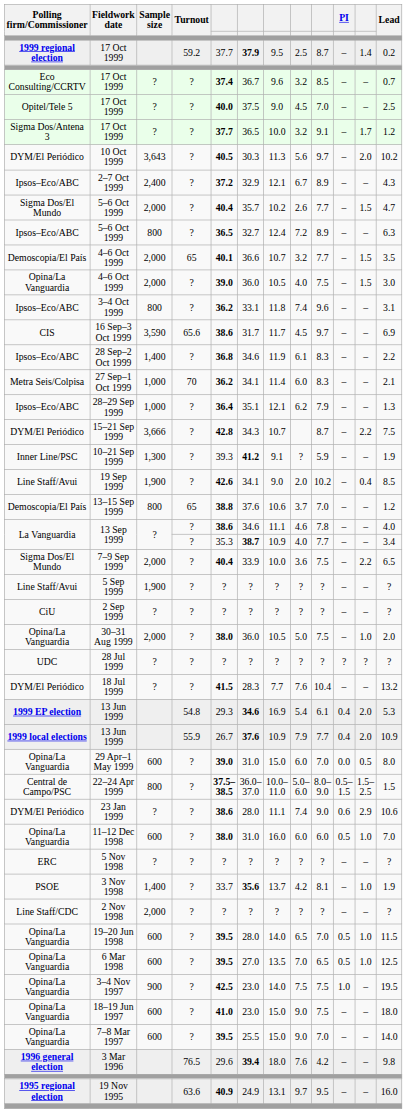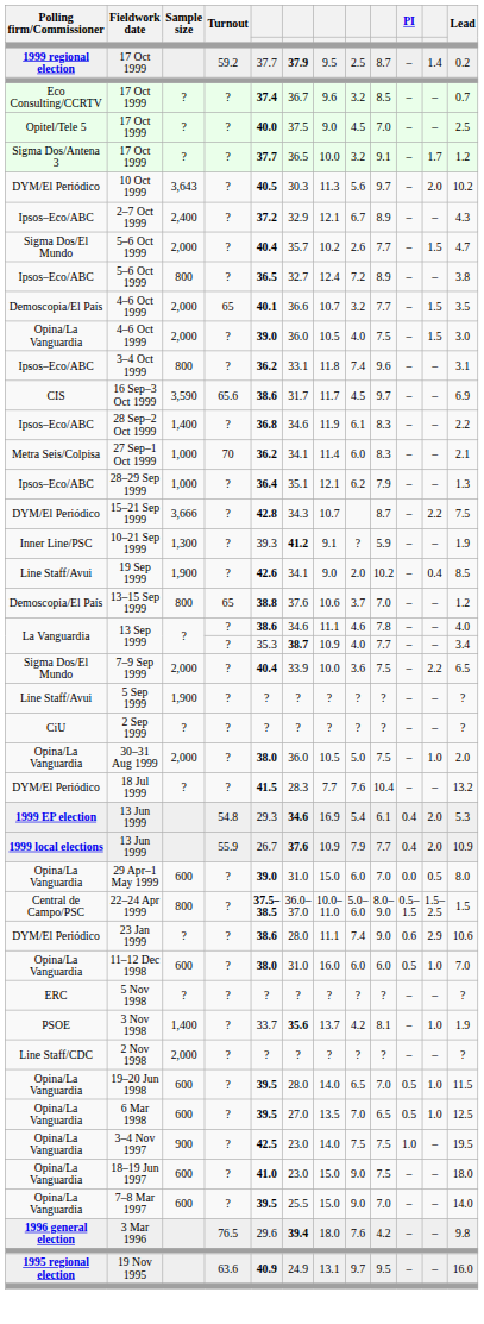 <table class="wikitable collapsible collapsed" style="text-align:center; font-size:95%; line-height:16px;">
 <tr style="height:42px;">
 <th style="width:250px;" rowspan="2">Polling firm/Commissioner</th>
 <th style="width:125px;" rowspan="2">Fieldwork date</th>
 <th style="width:50px;" rowspan="2">Sample size</th>
 <th style="width:45px;" rowspan="2">Turnout</th>
 <th style="width:35px;"></th>
 <th style="width:35px;"></th>
 <th style="width:35px;"></th>
 <th style="width:35px;"></th>
 <th style="width:35px;"></th>
 <th style="width:35px;"><a href='#'>PI</a></th>
 <th style="width:35px;"></th>
 <th style="width:30px;" rowspan="2">Lead</th>
 </tr>
 <tr>
 <th style="color:inherit;background:"></th>
 <th style="color:inherit;background:"></th>
 <th style="color:inherit;background:"></th>
 <th style="color:inherit;background:"></th>
 <th style="color:inherit;background:"></th>
 <th style="color:inherit;background:"></th>
 <th style="color:inherit;background:"></th>
 </tr>
 <tr>
 <td colspan="12" style="background:#A0A0A0"></td>
 </tr>
 <tr style="background:#EFEFEF;">
 <td><strong><a href='#'>1999 regional election</a></strong></td>
 <td>17 Oct 1999</td>
 <td></td>
 <td>59.2</td>
 <td>37.7<br></td>
 <td><strong>37.9</strong><br></td>
 <td>9.5<br></td>
 <td>2.5<br></td>
 <td>8.7<br></td>
 <td>–</td>
 <td>1.4<br></td>
 <td style="background:">0.2</td>
 </tr>
 <tr>
 <td colspan="12" style="background:#A0A0A0"></td>
 </tr>
 <tr style="background:#EAFFEA;">
 <td>Eco Consulting/CCRTV</td>
 <td>17 Oct 1999</td>
 <td>?</td>
 <td>?</td>
 <td><strong>37.4</strong><br></td>
 <td>36.7<br></td>
 <td>9.6<br></td>
 <td>3.2<br></td>
 <td>8.5<br></td>
 <td>–</td>
 <td>–</td>
 <td style="background:">0.7</td>
 </tr>
 <tr style="background:#EAFFEA;">
 <td>Opitel/Tele 5</td>
 <td>17 Oct 1999</td>
 <td>?</td>
 <td>?</td>
 <td><strong>40.0</strong><br></td>
 <td>37.5<br></td>
 <td>9.0<br></td>
 <td>4.5<br></td>
 <td>7.0<br></td>
 <td>–</td>
 <td>–</td>
 <td style="background:">2.5</td>
 </tr>
 <tr style="background:#EAFFEA;">
 <td>Sigma Dos/Antena 3</td>
 <td>17 Oct 1999</td>
 <td>?</td>
 <td>?</td>
 <td><strong>37.7</strong><br></td>
 <td>36.5<br></td>
 <td>10.0<br></td>
 <td>3.2<br></td>
 <td>9.1<br></td>
 <td>–</td>
 <td>1.7<br></td>
 <td style="background:">1.2</td>
 </tr>
 <tr>
 <td>DYM/El Periódico</td>
 <td>10 Oct 1999</td>
 <td>3,643</td>
 <td>?</td>
 <td><strong>40.5</strong><br></td>
 <td>30.3<br></td>
 <td>11.3<br></td>
 <td>5.6<br></td>
 <td>9.7<br></td>
 <td>–</td>
 <td>2.0<br></td>
 <td style="background:">10.2</td>
 </tr>
 <tr>
 <td>Ipsos–Eco/ABC</td>
 <td>2–7 Oct 1999</td>
 <td>2,400</td>
 <td>?</td>
 <td><strong>37.2</strong><br></td>
 <td>32.9<br></td>
 <td>12.1<br></td>
 <td>6.7<br></td>
 <td>8.9<br></td>
 <td>–</td>
 <td>–</td>
 <td style="background:">4.3</td>
 </tr>
 <tr>
 <td>Sigma Dos/El Mundo</td>
 <td>5–6 Oct 1999</td>
 <td>2,000</td>
 <td>?</td>
 <td><strong>40.4</strong><br></td>
 <td>35.7<br></td>
 <td>10.2<br></td>
 <td>2.6<br></td>
 <td>7.7<br></td>
 <td>–</td>
 <td>1.5<br></td>
 <td style="background:">4.7</td>
 </tr>
 <tr>
 <td>Ipsos–Eco/ABC</td>
 <td>5–6 Oct 1999</td>
 <td>800</td>
 <td>?</td>
 <td><strong>36.5</strong><br></td>
 <td>32.7<br></td>
 <td>12.4<br></td>
 <td>7.2<br></td>
 <td>8.9<br></td>
 <td>–</td>
 <td>–</td>
-<td style="background:">6.3</td>
+<td style="background:">3.8</td>
 </tr>
 <tr>
 <td>Demoscopia/El País</td>
 <td>4–6 Oct 1999</td>
 <td>2,000</td>
 <td>65</td>
 <td><strong>40.1</strong><br></td>
 <td>36.6<br></td>
 <td>10.7<br></td>
 <td>3.2<br></td>
 <td>7.7<br></td>
 <td>–</td>
 <td>1.5<br></td>
 <td style="background:">3.5</td>
 </tr>
 <tr>
 <td>Opina/La Vanguardia</td>
 <td>4–6 Oct 1999</td>
 <td>2,000</td>
 <td>?</td>
 <td><strong>39.0</strong><br></td>
 <td>36.0<br></td>
 <td>10.5<br></td>
 <td>4.0<br></td>
 <td>7.5<br></td>
 <td>–</td>
 <td>1.5<br></td>
 <td style="background:">3.0</td>
 </tr>
 <tr>
 <td>Ipsos–Eco/ABC</td>
 <td>3–4 Oct 1999</td>
 <td>800</td>
 <td>?</td>
 <td><strong>36.2</strong><br></td>
 <td>33.1<br></td>
 <td>11.8<br></td>
 <td>7.4<br></td>
 <td>9.6<br></td>
 <td>–</td>
 <td>–</td>
 <td style="background:">3.1</td>
 </tr>
 <tr>
 <td>CIS</td>
 <td>16 Sep–3 Oct 1999</td>
 <td>3,590</td>
 <td>65.6</td>
 <td><strong>38.6</strong><br></td>
 <td>31.7<br></td>
 <td>11.7<br></td>
 <td>4.5<br></td>
 <td>9.7<br></td>
 <td>–</td>
 <td>–</td>
 <td style="background:">6.9</td>
 </tr>
 <tr>
 <td>Ipsos–Eco/ABC</td>
 <td>28 Sep–2 Oct 1999</td>
 <td>1,400</td>
 <td>?</td>
 <td><strong>36.8</strong><br></td>
 <td>34.6<br></td>
 <td>11.9<br></td>
 <td>6.1<br></td>
 <td>8.3<br></td>
 <td>–</td>
 <td>–</td>
 <td style="background:">2.2</td>
 </tr>
 <tr>
 <td>Metra Seis/Colpisa</td>
 <td>27 Sep–1 Oct 1999</td>
 <td>1,000</td>
 <td>70</td>
 <td><strong>36.2</strong><br></td>
 <td>34.1<br></td>
 <td>11.4<br></td>
 <td>6.0<br></td>
 <td>8.3<br></td>
 <td>–</td>
 <td>–</td>
 <td style="background:">2.1</td>
 </tr>
 <tr>
 <td>Ipsos–Eco/ABC</td>
 <td>28–29 Sep 1999</td>
 <td>1,000</td>
 <td>?</td>
 <td><strong>36.4</strong><br></td>
 <td>35.1<br></td>
 <td>12.1<br></td>
 <td>6.2<br></td>
 <td>7.9<br></td>
 <td>–</td>
 <td>–</td>
 <td style="background:">1.3</td>
 </tr>
 <tr>
 <td>DYM/El Periódico</td>
 <td>15–21 Sep 1999</td>
 <td>3,666</td>
 <td>?</td>
 <td><strong>42.8</strong><br></td>
 <td>34.3<br></td>
 <td>10.7<br></td>
 <td></td>
 <td>8.7<br></td>
 <td>–</td>
 <td>2.2<br></td>
 <td style="background:">7.5</td>
 </tr>
 <tr>
 <td>Inner Line/PSC</td>
 <td>10–21 Sep 1999</td>
 <td>1,300</td>
 <td>?</td>
 <td>39.3<br></td>
 <td><strong>41.2</strong><br></td>
 <td>9.1<br></td>
 <td>?<br></td>
 <td>5.9<br></td>
 <td>–</td>
 <td>–</td>
 <td style="background:">1.9</td>
 </tr>
 <tr>
 <td>Line Staff/Avui</td>
 <td>19 Sep 1999</td>
 <td>1,900</td>
 <td>?</td>
 <td><strong>42.6</strong><br></td>
 <td>34.1<br></td>
 <td>9.0<br></td>
 <td>2.0<br></td>
 <td>10.2<br></td>
 <td>–</td>
 <td>0.4<br></td>
 <td style="background:">8.5</td>
 </tr>
 <tr>
 <td>Demoscopia/El País</td>
 <td>13–15 Sep 1999</td>
 <td>800</td>
 <td>65</td>
 <td><strong>38.8</strong><br></td>
 <td>37.6<br></td>
 <td>10.6<br></td>
 <td>3.7<br></td>
 <td>7.0<br></td>
 <td>–</td>
 <td>–</td>
 <td style="background:">1.2</td>
 </tr>
 <tr>
 <td rowspan="2">La Vanguardia</td>
 <td rowspan="2">13 Sep 1999</td>
 <td rowspan="2">?</td>
 <td>?</td>
 <td><strong>38.6</strong><br></td>
 <td>34.6<br></td>
 <td>11.1<br></td>
 <td>4.6<br></td>
 <td>7.8<br></td>
 <td>–</td>
 <td>–</td>
 <td style="background:">4.0</td>
 </tr>
 <tr>
 <td>?</td>
 <td>35.3<br></td>
 <td><strong>38.7</strong><br></td>
 <td>10.9<br></td>
 <td>4.0<br></td>
 <td>7.7<br></td>
 <td>–</td>
 <td>–</td>
 <td style="background:">3.4</td>
 </tr>
 <tr>
 <td>Sigma Dos/El Mundo</td>
 <td>7–9 Sep 1999</td>
 <td>2,000</td>
 <td>?</td>
 <td><strong>40.4</strong><br></td>
 <td>33.9<br></td>
 <td>10.0<br></td>
 <td>3.6<br></td>
 <td>7.5<br></td>
 <td>–</td>
 <td>2.2<br></td>
 <td style="background:">6.5</td>
 </tr>
 <tr>
 <td>Line Staff/Avui</td>
 <td>5 Sep 1999</td>
 <td>1,900</td>
 <td>?</td>
 <td>?<br></td>
 <td>?<br></td>
 <td>?<br></td>
 <td>?<br></td>
 <td>?<br></td>
 <td>–</td>
 <td>–</td>
 <td style="background:">?</td>
 </tr>
 <tr>
 <td>CiU</td>
 <td>2 Sep 1999</td>
 <td>?</td>
 <td>?</td>
 <td>?<br></td>
 <td>?<br></td>
 <td>?<br></td>
 <td>?<br></td>
 <td>?<br></td>
 <td>–</td>
 <td>–</td>
 <td style="background:">?</td>
 </tr>
 <tr>
 <td>Opina/La Vanguardia</td>
 <td>30–31 Aug 1999</td>
 <td>2,000</td>
 <td>?</td>
 <td><strong>38.0</strong><br></td>
 <td>36.0<br></td>
 <td>10.5<br></td>
 <td>5.0<br></td>
 <td>7.5<br></td>
 <td>–</td>
 <td>1.0<br></td>
 <td style="background:">2.0</td>
-</tr>
-<tr>
-<td>UDC</td>
-<td>28 Jul 1999</td>
-<td>?</td>
-<td>?</td>
-<td>?<br></td>
-<td>?<br></td>
-<td>?<br></td>
-<td>?<br></td>
-<td>?<br></td>
-<td>?<br></td>
-<td>?<br></td>
-<td style="background:">?</td>
 </tr>
 <tr>
 <td>DYM/El Periódico</td>
 <td>18 Jul 1999</td>
 <td>?</td>
 <td>?</td>
 <td><strong>41.5</strong></td>
 <td>28.3</td>
 <td>7.7</td>
 <td>7.6</td>
 <td>10.4</td>
 <td>–</td>
 <td>–</td>
 <td style="background:">13.2</td>
 </tr>
 <tr style="background:#EFEFEF;">
 <td><strong><a href='#'>1999 EP election</a></strong></td>
 <td>13 Jun 1999</td>
 <td></td>
 <td>54.8</td>
 <td>29.3<br></td>
 <td><strong>34.6</strong><br></td>
 <td>16.9<br></td>
 <td>5.4<br></td>
 <td>6.1<br></td>
 <td>0.4<br></td>
 <td>2.0<br></td>
 <td style="background:">5.3</td>
 </tr>
 <tr style="background:#EFEFEF;">
 <td><strong><a href='#'>1999 local elections</a></strong></td>
 <td>13 Jun 1999</td>
 <td></td>
 <td>55.9</td>
 <td>26.7</td>
 <td><strong>37.6</strong></td>
 <td>10.9</td>
 <td>7.9</td>
 <td>7.7</td>
 <td>0.4</td>
 <td>2.0</td>
 <td style="background:">10.9</td>
 </tr>
 <tr>
 <td>Opina/La Vanguardia</td>
 <td>29 Apr–1 May 1999</td>
 <td>600</td>
 <td>?</td>
 <td><strong>39.0</strong><br></td>
 <td>31.0<br></td>
 <td>15.0<br></td>
 <td>6.0<br></td>
 <td>7.0<br></td>
 <td>0.0<br></td>
 <td>0.5<br></td>
 <td style="background:">8.0</td>
 </tr>
 <tr>
 <td>Central de Campo/PSC</td>
 <td>22–24 Apr 1999</td>
 <td>800</td>
 <td>?</td>
 <td><strong>37.5–<br>38.5</strong></td>
 <td>36.0–<br>37.0</td>
 <td>10.0–<br>11.0</td>
 <td>5.0–<br>6.0</td>
 <td>8.0–<br>9.0</td>
 <td>0.5–<br>1.5</td>
 <td>1.5–<br>2.5</td>
 <td style="background:">1.5</td>
 </tr>
 <tr>
 <td>DYM/El Periódico</td>
 <td>23 Jan 1999</td>
 <td>?</td>
 <td>?</td>
 <td><strong>38.6</strong></td>
 <td>28.0</td>
 <td>11.1</td>
 <td>7.4</td>
 <td>9.0</td>
 <td>0.6</td>
 <td>2.9</td>
 <td style="background:">10.6</td>
 </tr>
 <tr>
 <td>Opina/La Vanguardia</td>
 <td>11–12 Dec 1998</td>
 <td>600</td>
 <td>?</td>
 <td><strong>38.0</strong><br></td>
 <td>31.0<br></td>
 <td>16.0<br></td>
 <td>6.0<br></td>
 <td>6.0<br></td>
 <td>0.5<br></td>
 <td>1.0<br></td>
 <td style="background:">7.0</td>
 </tr>
 <tr>
 <td>ERC</td>
 <td>5 Nov 1998</td>
 <td>?</td>
 <td>?</td>
 <td>?<br></td>
 <td>?<br></td>
 <td>?<br></td>
 <td>?<br></td>
 <td>?<br></td>
 <td>–</td>
 <td>–</td>
 <td style="background:">?</td>
 </tr>
 <tr>
 <td>PSOE</td>
 <td>3 Nov 1998</td>
 <td>1,400</td>
 <td>?</td>
 <td>33.7</td>
 <td><strong>35.6</strong></td>
 <td>13.7</td>
 <td>4.2</td>
 <td>8.1</td>
 <td>–</td>
 <td>1.0<br></td>
 <td style="background:">1.9</td>
 </tr>
 <tr>
 <td>Line Staff/CDC</td>
 <td>2 Nov 1998</td>
 <td>2,000</td>
 <td>?</td>
 <td>?<br></td>
 <td>?<br></td>
 <td>?<br></td>
 <td>?<br></td>
 <td>?<br></td>
 <td>–</td>
 <td>–</td>
 <td style="background:">?</td>
 </tr>
 <tr>
 <td>Opina/La Vanguardia</td>
 <td>19–20 Jun 1998</td>
 <td>600</td>
 <td>?</td>
 <td><strong>39.5</strong><br></td>
 <td>28.0<br></td>
 <td>14.0<br></td>
 <td>6.5<br></td>
 <td>7.0<br></td>
 <td>0.5<br></td>
 <td>1.0<br></td>
 <td style="background:">11.5</td>
 </tr>
 <tr>
 <td>Opina/La Vanguardia</td>
 <td>6 Mar 1998</td>
 <td>600</td>
 <td>?</td>
 <td><strong>39.5</strong><br></td>
 <td>27.0<br></td>
 <td>13.5<br></td>
 <td>7.0<br></td>
 <td>6.5<br></td>
 <td>0.5<br></td>
 <td>1.0<br></td>
 <td style="background:">12.5</td>
 </tr>
 <tr>
 <td>Opina/La Vanguardia</td>
 <td>3–4 Nov 1997</td>
 <td>900</td>
 <td>?</td>
 <td><strong>42.5</strong><br></td>
 <td>23.0<br></td>
 <td>14.0<br></td>
 <td>7.5<br></td>
 <td>7.5<br></td>
 <td>1.0<br></td>
 <td>–</td>
 <td style="background:">19.5</td>
 </tr>
 <tr>
 <td>Opina/La Vanguardia</td>
 <td>18–19 Jun 1997</td>
 <td>600</td>
 <td>?</td>
 <td><strong>41.0</strong></td>
 <td>23.0</td>
 <td>15.0</td>
 <td>9.0</td>
 <td>7.5</td>
 <td>–</td>
 <td>–</td>
 <td style="background:">18.0</td>
 </tr>
 <tr>
 <td>Opina/La Vanguardia</td>
 <td>7–8 Mar 1997</td>
 <td>600</td>
 <td>?</td>
 <td><strong>39.5</strong></td>
 <td>25.5</td>
 <td>15.0</td>
 <td>9.0</td>
 <td>7.0</td>
 <td>–</td>
 <td>–</td>
 <td style="background:">14.0</td>
 </tr>
 <tr style="background:#EFEFEF;">
 <td><strong><a href='#'>1996 general election</a></strong></td>
 <td>3 Mar 1996</td>
 <td></td>
 <td>76.5</td>
 <td>29.6<br></td>
 <td><strong>39.4</strong><br></td>
 <td>18.0<br></td>
 <td>7.6<br></td>
 <td>4.2<br></td>
 <td>–</td>
 <td>–</td>
 <td style="background:">9.8</td>
 </tr>
 <tr>
 <td colspan="12" style="background:#A0A0A0"></td>
 </tr>
 <tr style="background:#EFEFEF;">
 <td><strong><a href='#'>1995 regional election</a></strong></td>
 <td>19 Nov 1995</td>
 <td></td>
 <td>63.6</td>
 <td><strong>40.9</strong><br></td>
 <td>24.9<br></td>
 <td>13.1<br></td>
 <td>9.7<br></td>
 <td>9.5<br></td>
 <td>–</td>
 <td>–</td>
 <td style="background:">16.0</td>
 </tr>
 <tr>
 <td colspan="12" style="background:#A0A0A0"></td>
 </tr>
 </table>
